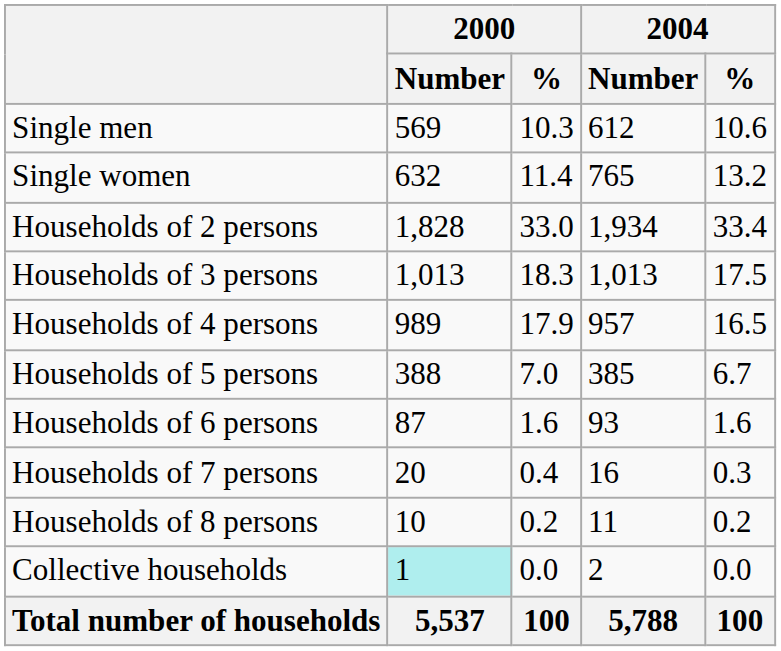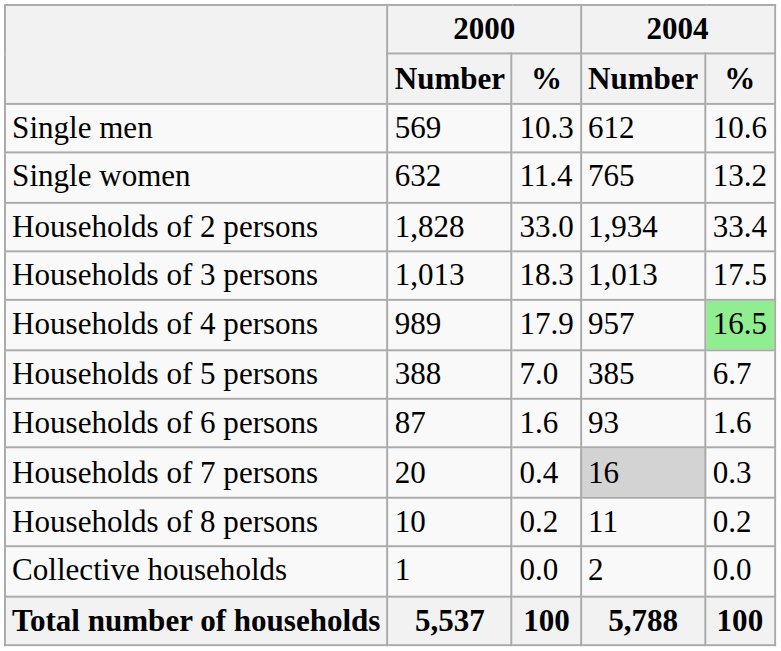 <table class="wikitable">
 <tr>
 <th rowspan=2></th>
 <th colspan=2>2000</th>
 <th colspan=2>2004</th>
 </tr>
 <tr>
 <th>Number</th>
 <th>%</th>
 <th>Number</th>
 <th>%</th>
 </tr>
 <tr>
 <td>Single men</td>
 <td>569</td>
 <td>10.3</td>
 <td>612</td>
 <td>10.6</td>
 </tr>
 <tr>
 <td>Single women</td>
 <td>632</td>
 <td>11.4</td>
 <td>765</td>
 <td>13.2</td>
 </tr>
 <tr>
 <td>Households of 2 persons</td>
 <td>1,828</td>
 <td>33.0</td>
 <td>1,934</td>
 <td>33.4</td>
 </tr>
 <tr>
 <td>Households of 3 persons</td>
 <td>1,013</td>
 <td>18.3</td>
 <td>1,013</td>
 <td>17.5</td>
 </tr>
 <tr>
 <td>Households of 4 persons</td>
 <td>989</td>
 <td>17.9</td>
 <td>957</td>
-<td>16.5</td>
+<td style="background: lightgreen;">16.5</td>
 </tr>
 <tr>
 <td>Households of 5 persons</td>
 <td>388</td>
 <td>7.0</td>
 <td>385</td>
 <td>6.7</td>
 </tr>
 <tr>
 <td>Households of 6 persons</td>
 <td>87</td>
 <td>1.6</td>
 <td>93</td>
 <td>1.6</td>
 </tr>
 <tr>
 <td>Households of 7 persons</td>
 <td>20</td>
 <td>0.4</td>
-<td>16</td>
+<td style="background: lightgrey;">16</td>
 <td>0.3</td>
 </tr>
 <tr>
 <td>Households of 8 persons</td>
 <td>10</td>
 <td>0.2</td>
 <td>11</td>
 <td>0.2</td>
 </tr>
 <tr>
 <td>Collective households</td>
-<td style="background: paleturquoise;">1</td>
+<td>1</td>
 <td>0.0</td>
 <td>2</td>
 <td>0.0</td>
 </tr>
 <tr>
 <th>Total number of households</th>
 <th>5,537</th>
 <th>100</th>
 <th>5,788</th>
 <th>100</th>
 </tr>
 </table>
